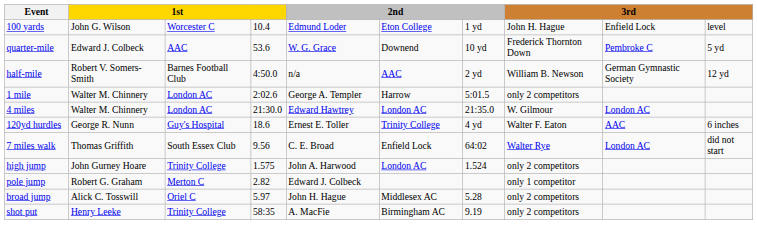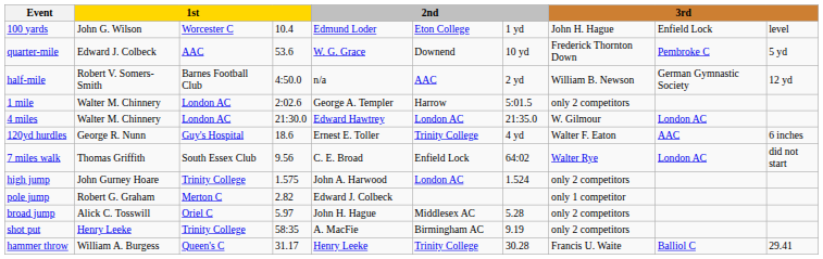 <table class="wikitable" style="text-align:left">
 <tr>
 <th width=100>Event</th>
 <th colspan="3" width="380" style="background:gold;">1st</th>
 <th colspan="3" width="380" style="background:silver;">2nd</th>
 <th colspan="3" width="380" style="background:#CD7F32;">3rd</th>
 </tr>
 <tr>
 <td><a href='#'>100 yards</a></td>
 <td>John G. Wilson</td>
 <td><a href='#'>Worcester C</a></td>
 <td>10.4</td>
 <td><a href='#'>Edmund Loder</a></td>
 <td><a href='#'>Eton College</a></td>
 <td>1 yd</td>
 <td>John H. Hague</td>
 <td>Enfield Lock</td>
 <td>level</td>
 </tr>
 <tr>
 <td><a href='#'>quarter-mile</a></td>
 <td>Edward J. Colbeck</td>
 <td><a href='#'>AAC</a></td>
 <td>53.6</td>
 <td><a href='#'>W. G. Grace</a></td>
 <td>Downend</td>
 <td>10 yd</td>
 <td>Frederick Thornton Down</td>
 <td><a href='#'>Pembroke C</a></td>
 <td>5 yd</td>
 </tr>
 <tr>
 <td><a href='#'>half-mile</a></td>
 <td>Robert V. Somers-Smith</td>
 <td>Barnes Football Club</td>
 <td>4:50.0</td>
 <td>n/a</td>
 <td><a href='#'>AAC</a></td>
 <td>2 yd</td>
 <td>William B. Newson</td>
 <td>German Gymnastic Society</td>
 <td>12 yd</td>
 </tr>
 <tr>
 <td><a href='#'>1 mile</a></td>
 <td>Walter M. Chinnery</td>
 <td><a href='#'>London AC</a></td>
 <td>2:02.6</td>
 <td>George A. Templer</td>
 <td>Harrow</td>
 <td>5:01.5</td>
 <td>only 2 competitors</td>
 <td></td>
 <td></td>
 </tr>
 <tr>
 <td><a href='#'>4 miles</a></td>
 <td>Walter M. Chinnery</td>
 <td><a href='#'>London AC</a></td>
 <td>21:30.0</td>
 <td><a href='#'>Edward Hawtrey</a></td>
 <td><a href='#'>London AC</a></td>
 <td>21:35.0</td>
 <td>W. Gilmour</td>
 <td><a href='#'>London AC</a></td>
 <td></td>
 </tr>
 <tr>
 <td><a href='#'>120yd hurdles</a></td>
 <td>George R. Nunn</td>
 <td><a href='#'>Guy's Hospital</a></td>
 <td>18.6</td>
 <td>Ernest E. Toller</td>
 <td><a href='#'>Trinity College</a></td>
 <td>4 yd</td>
 <td>Walter F. Eaton</td>
 <td><a href='#'>AAC</a></td>
 <td>6 inches</td>
 </tr>
 <tr>
 <td><a href='#'>7 miles walk</a></td>
 <td>Thomas Griffith</td>
 <td>South Essex Club</td>
 <td>9.56</td>
 <td>C. E. Broad</td>
 <td>Enfield Lock</td>
 <td>64:02</td>
 <td><a href='#'>Walter Rye</a></td>
 <td><a href='#'>London AC</a></td>
 <td>did not start</td>
 </tr>
 <tr>
 <td><a href='#'>high jump</a></td>
 <td>John Gurney Hoare</td>
 <td><a href='#'>Trinity College</a></td>
 <td>1.575</td>
 <td>John A. Harwood</td>
 <td><a href='#'>London AC</a></td>
 <td>1.524</td>
 <td>only 2 competitors</td>
 <td></td>
 <td></td>
 </tr>
 <tr>
 <td><a href='#'>pole jump</a></td>
 <td>Robert G. Graham</td>
 <td><a href='#'>Merton C</a></td>
 <td>2.82</td>
 <td>Edward J. Colbeck</td>
 <td></td>
 <td></td>
 <td>only 1 competitor</td>
 <td></td>
 <td></td>
 </tr>
 <tr>
 <td><a href='#'>broad jump</a></td>
 <td>Alick C. Tosswill</td>
 <td><a href='#'>Oriel C</a></td>
 <td>5.97</td>
 <td>John H. Hague</td>
 <td>Middlesex AC</td>
 <td>5.28</td>
 <td>only 2 competitors</td>
 <td></td>
 <td></td>
 </tr>
 <tr>
 <td><a href='#'>shot put</a></td>
 <td><a href='#'>Henry Leeke</a></td>
 <td><a href='#'>Trinity College</a></td>
 <td>58:35</td>
 <td>A. MacFie</td>
 <td>Birmingham AC</td>
 <td>9.19</td>
 <td>only 2 competitors</td>
 <td></td>
 <td></td>
 </tr>
+<tr>
+<td><a href='#'>hammer throw</a></td>
+<td>William A. Burgess</td>
+<td><a href='#'>Queen's C</a></td>
+<td>31.17</td>
+<td><a href='#'>Henry Leeke</a></td>
+<td><a href='#'>Trinity College</a></td>
+<td>30.28</td>
+<td>Francis U. Waite</td>
+<td><a href='#'>Balliol C</a></td>
+<td>29.41</td>
+</tr>
 </table>
